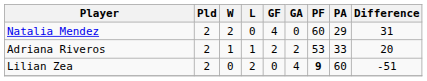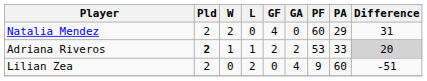 <table class=wikitable style="text-align:center">
 <tr>
 <th width=220>Player</th>
 <th width=20>Pld</th>
 <th width=20>W</th>
 <th width=20>L</th>
 <th width=20>GF</th>
 <th width=20>GA</th>
 <th width=20>PF</th>
 <th width=20>PA</th>
 <th width=30>Difference</th>
 </tr>
 <tr>
 <td align=left> <a href='#'>Natalia Mendez</a></td>
 <td>2</td>
 <td>2</td>
 <td>0</td>
 <td>4</td>
 <td>0</td>
 <td>60</td>
 <td>29</td>
 <td>31</td>
 </tr>
 <tr>
 <td align=left> Adriana Riveros</td>
-<td>2</td>
+<td><strong>2</strong></td>
 <td>1</td>
 <td>1</td>
 <td>2</td>
 <td>2</td>
 <td>53</td>
 <td>33</td>
-<td>20</td>
+<td style="background: lightgrey;">20</td>
 </tr>
 <tr>
 <td align=left> Lilian Zea</td>
 <td>2</td>
 <td>0</td>
 <td>2</td>
 <td>0</td>
 <td>4</td>
-<td><strong>9</strong></td>
+<td>9</td>
 <td>60</td>
 <td>-51</td>
 </tr>
 <tr>
 </tr>
 </table>
